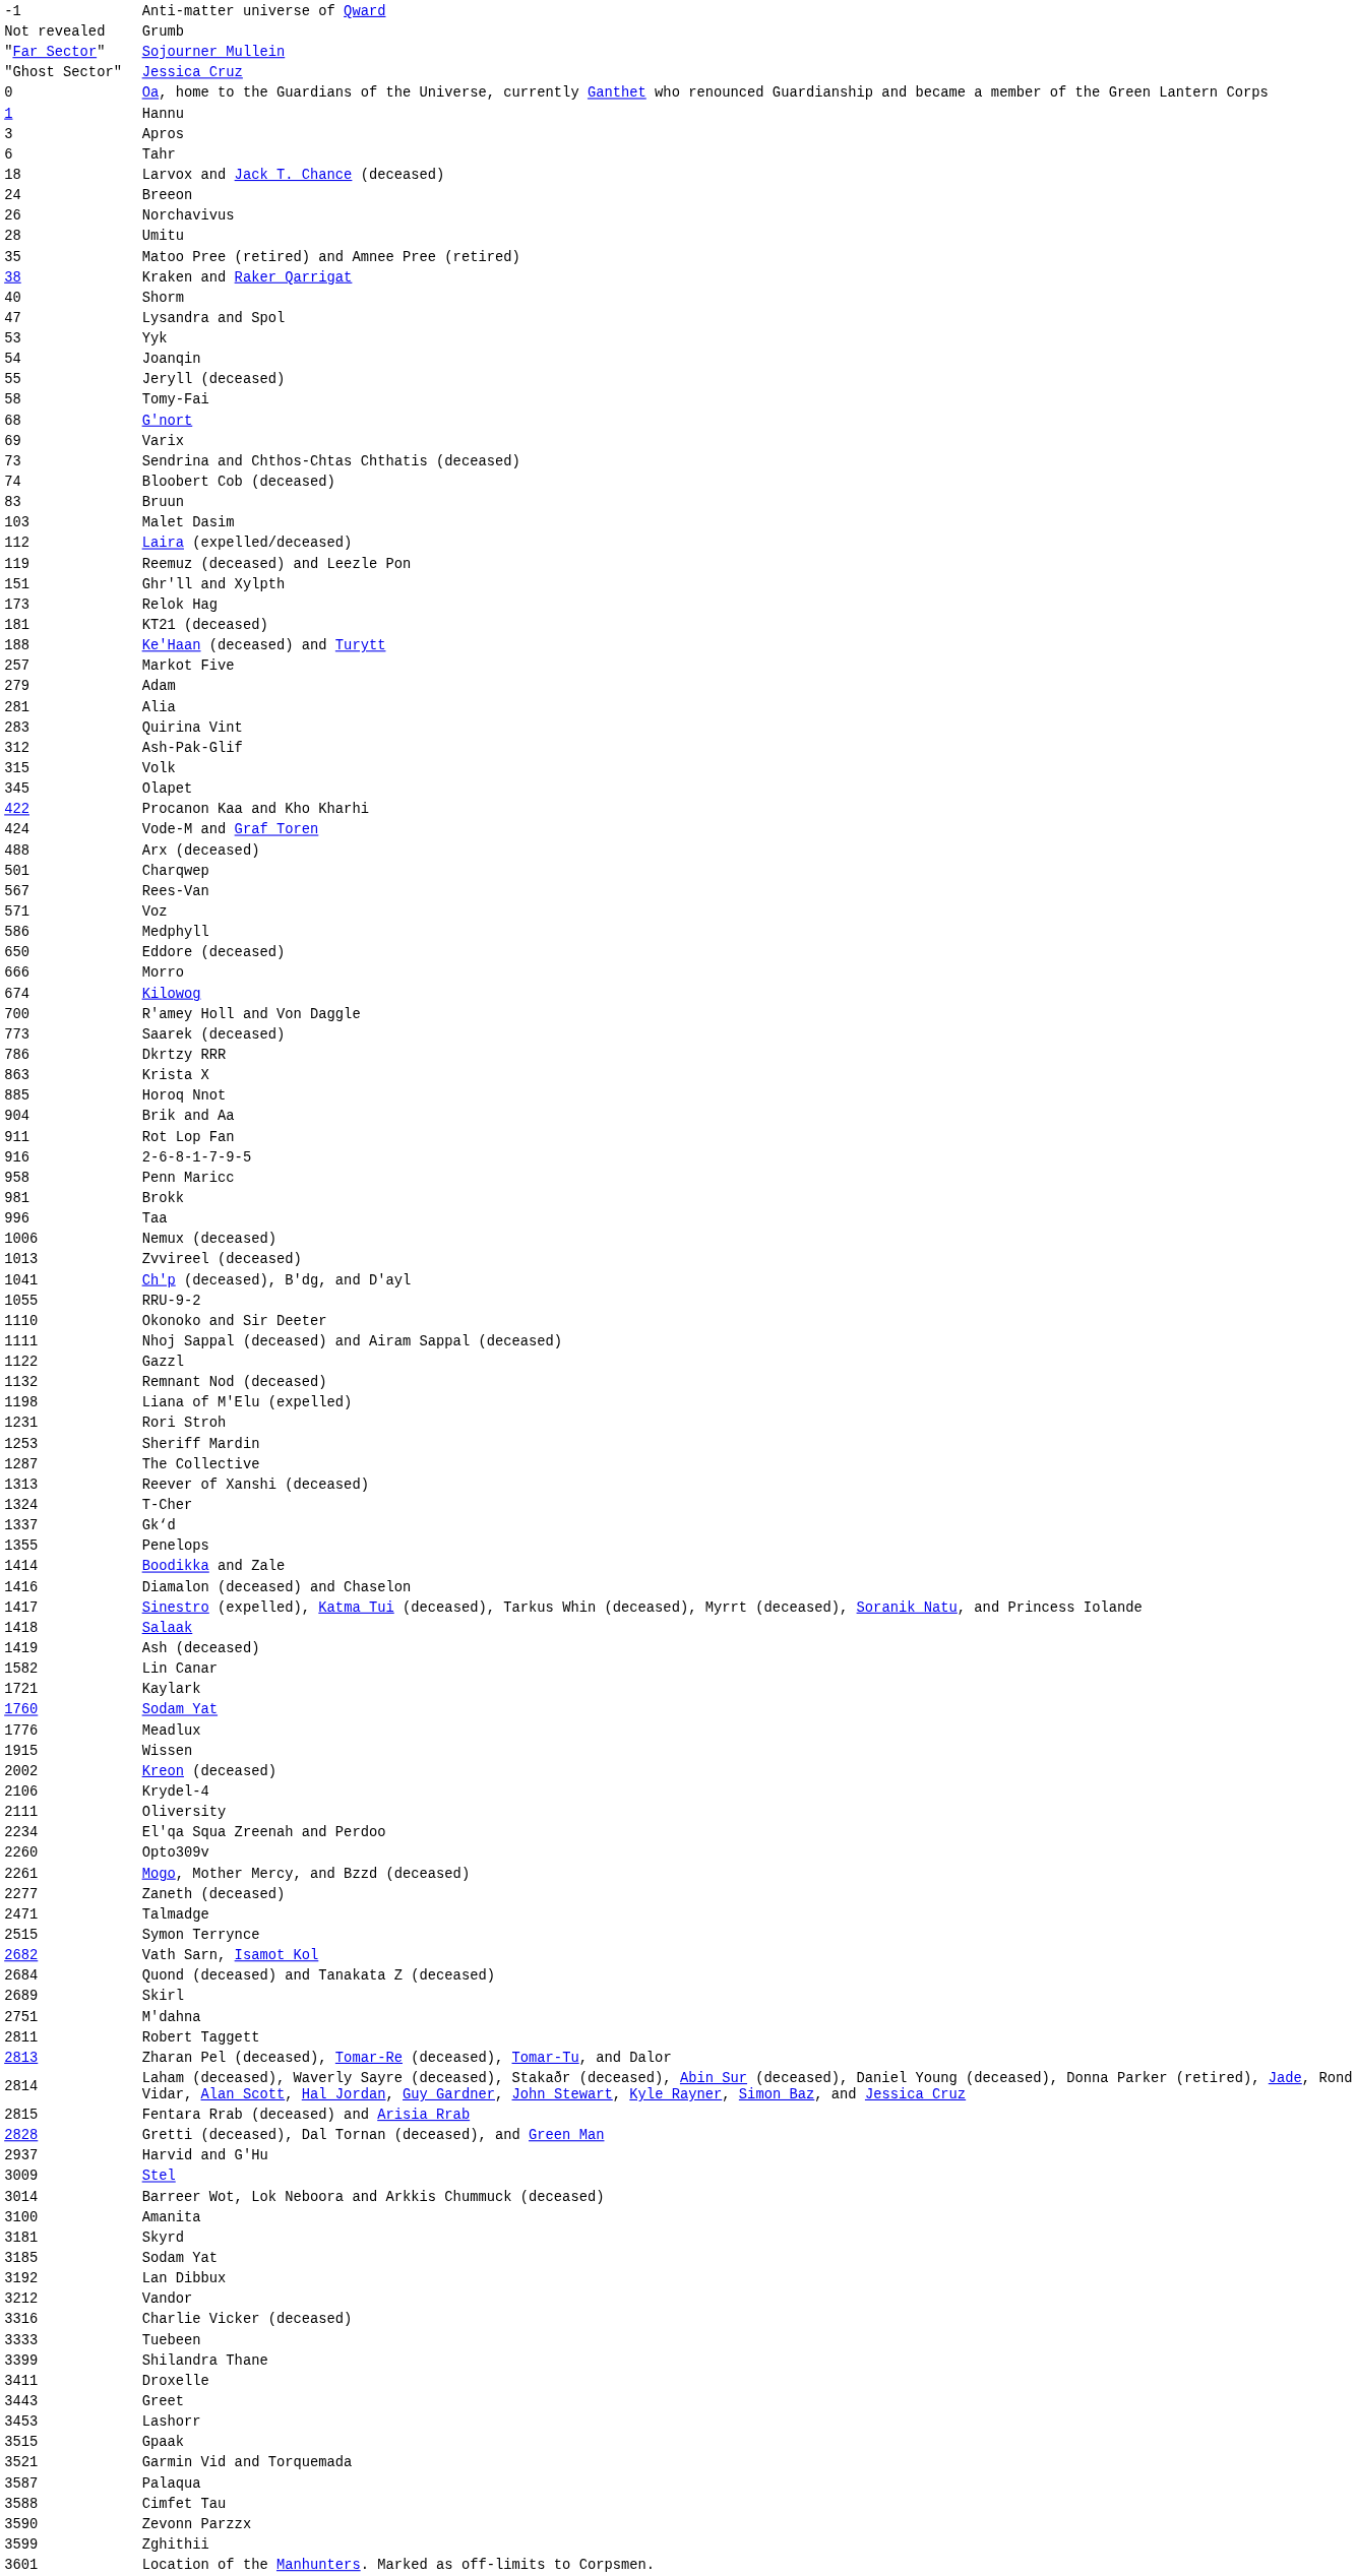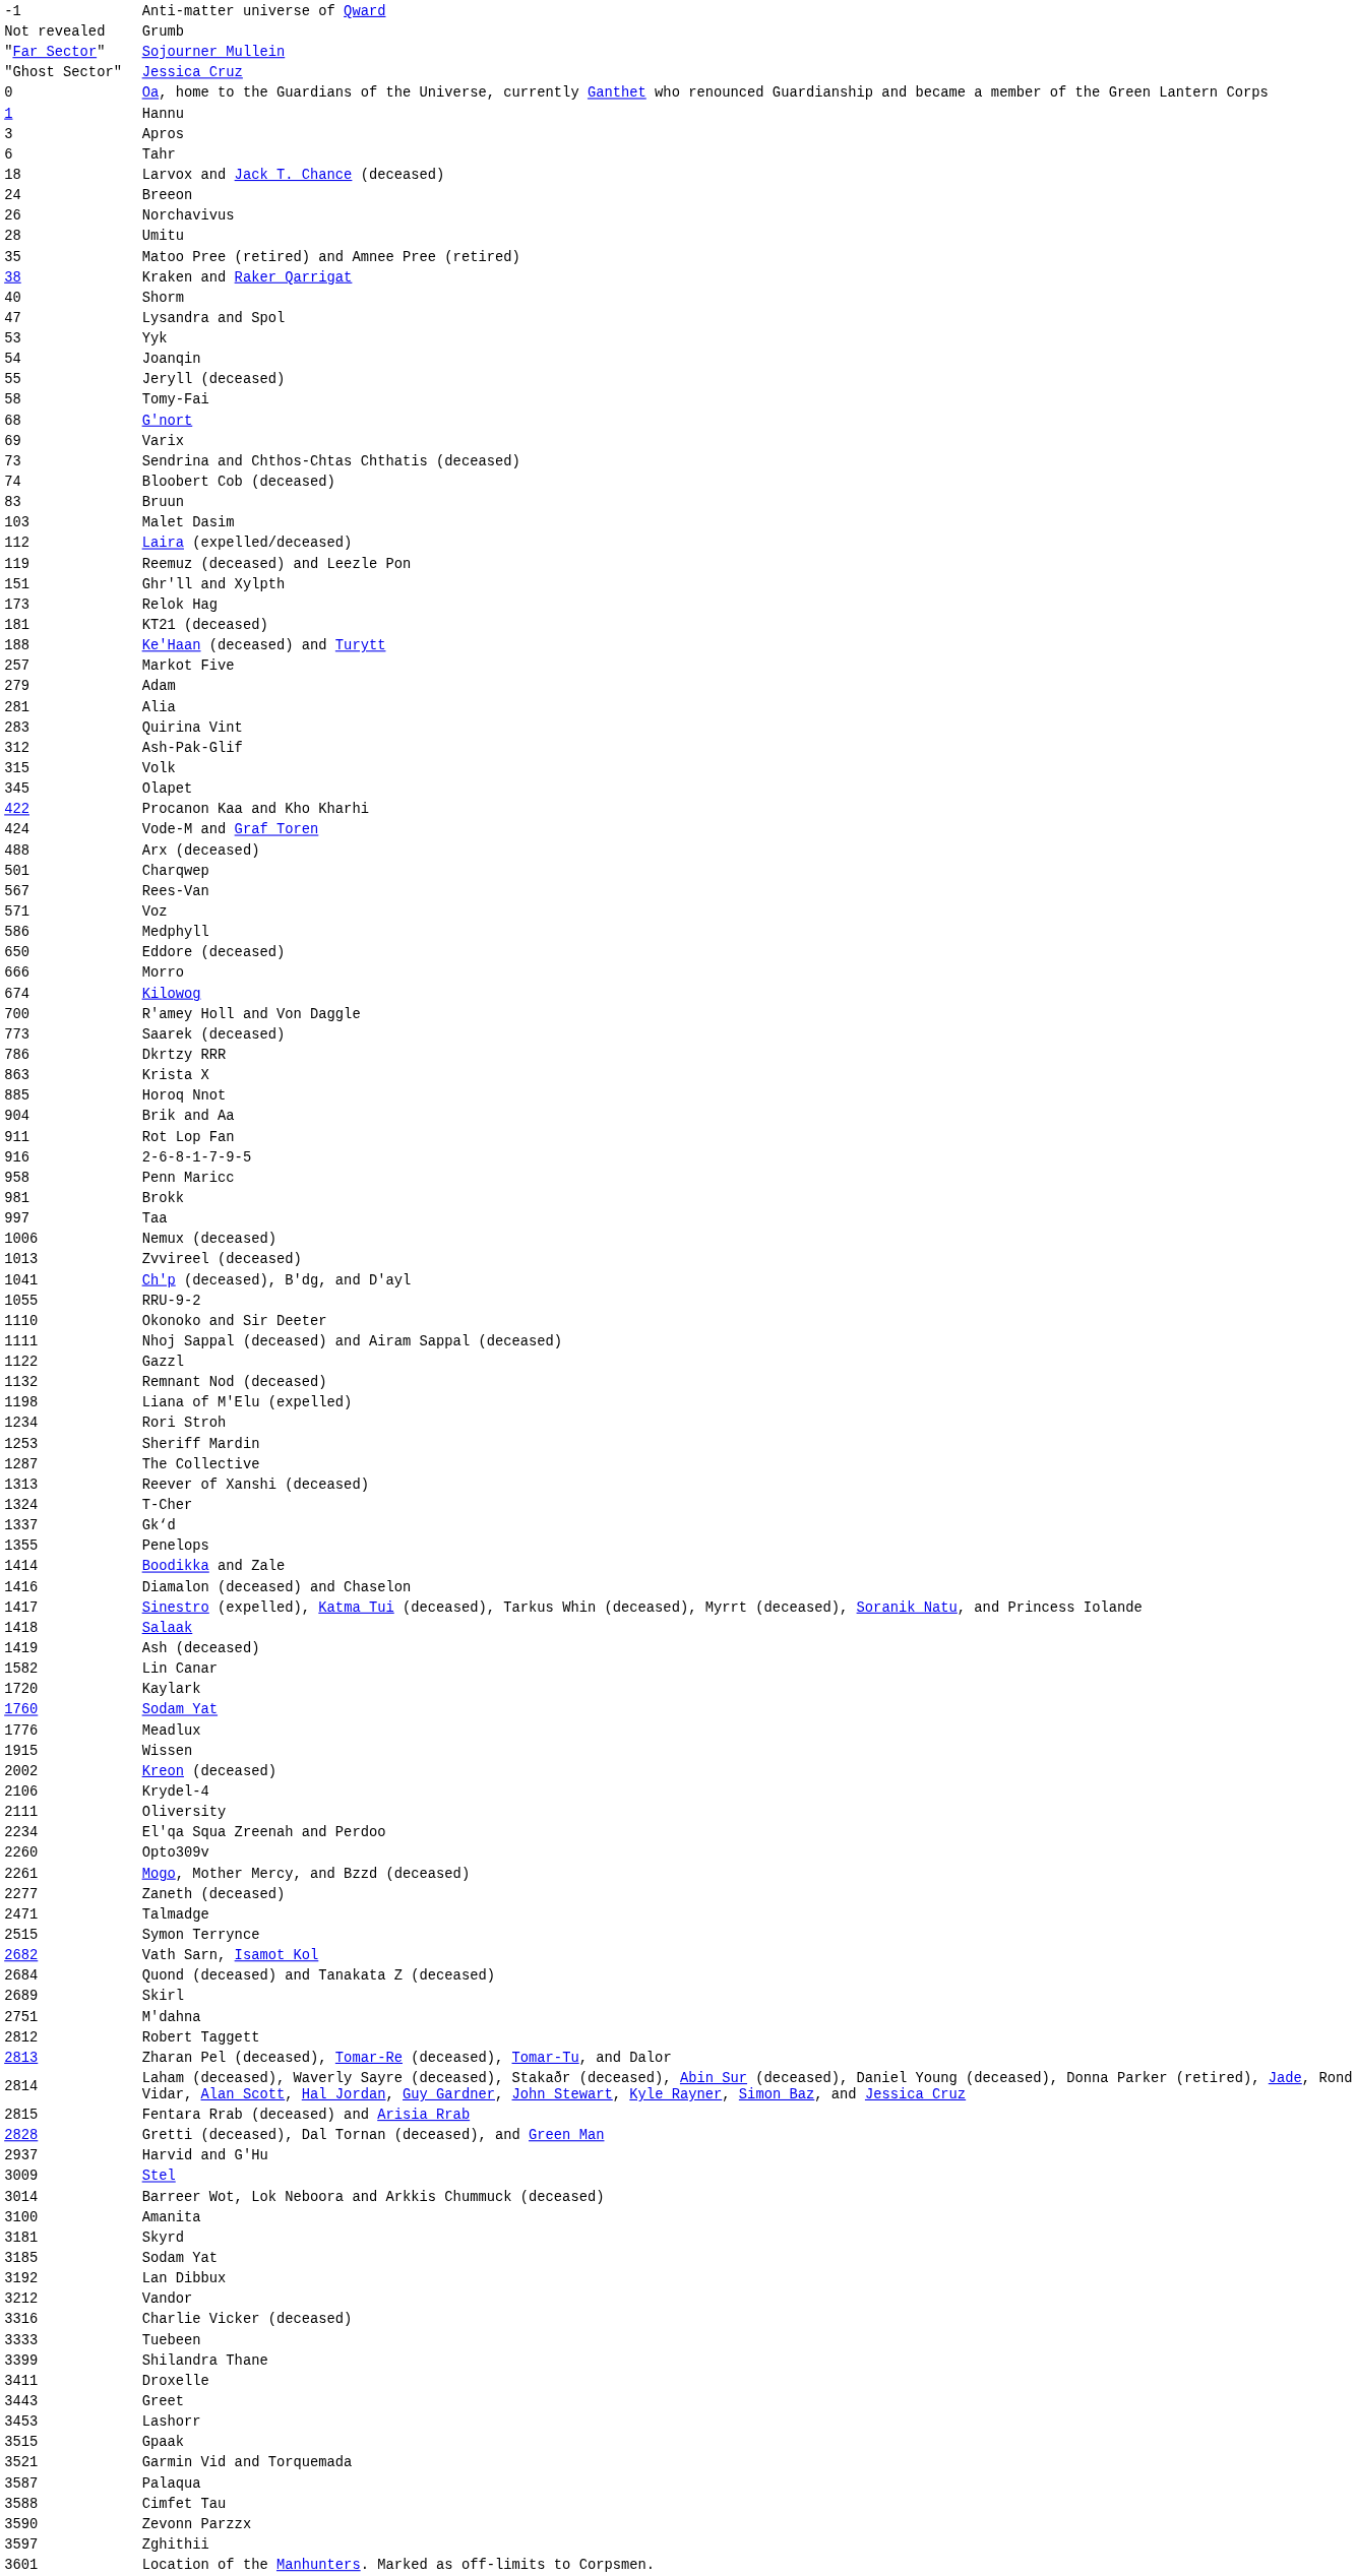 <table style="width:100%;">
 <tr>
 <td style="width:10%;">-1</td>
 <td>Anti-matter universe of <a href='#'>Qward</a></td>
 </tr>
 <tr>
 <td>Not revealed</td>
 <td>Grumb</td>
 </tr>
 <tr>
 <td>"<a href='#'>Far Sector</a>"</td>
 <td><a href='#'>Sojourner Mullein</a></td>
 </tr>
 <tr>
 <td>"Ghost Sector"</td>
 <td><a href='#'>Jessica Cruz</a></td>
 </tr>
 <tr>
 <td>0</td>
 <td><a href='#'>Oa</a>, home to the Guardians of the Universe, currently <a href='#'>Ganthet</a> who renounced Guardianship and became a member of the Green Lantern Corps</td>
 </tr>
 <tr>
 <td><a href='#'>1</a></td>
 <td>Hannu</td>
 </tr>
 <tr>
 <td>3</td>
 <td>Apros</td>
 </tr>
 <tr>
 <td>6</td>
 <td>Tahr</td>
 </tr>
 <tr>
 <td>18</td>
 <td>Larvox and <a href='#'>Jack T. Chance</a> (deceased)</td>
 </tr>
 <tr>
 <td>24</td>
 <td>Breeon</td>
 </tr>
 <tr>
 <td>26</td>
 <td>Norchavivus</td>
 </tr>
 <tr>
 <td>28</td>
 <td>Umitu</td>
 </tr>
 <tr>
 <td>35</td>
 <td>Matoo Pree (retired) and Amnee Pree (retired)</td>
 </tr>
 <tr>
 <td><a href='#'>38</a></td>
 <td>Kraken and <a href='#'>Raker Qarrigat</a></td>
 </tr>
 <tr>
 <td>40</td>
 <td>Shorm</td>
 </tr>
 <tr>
 <td>47</td>
 <td>Lysandra and Spol</td>
 </tr>
 <tr>
 <td>53</td>
 <td>Yyk</td>
 </tr>
 <tr>
 <td>54</td>
 <td>Joanqin</td>
 </tr>
 <tr>
 <td>55</td>
 <td>Jeryll (deceased)</td>
 </tr>
 <tr>
 <td>58</td>
 <td>Tomy-Fai</td>
 </tr>
 <tr>
 <td>68</td>
 <td><a href='#'>G'nort</a></td>
 </tr>
 <tr>
 <td>69</td>
 <td>Varix</td>
 </tr>
 <tr>
 <td>73</td>
 <td>Sendrina and Chthos-Chtas Chthatis (deceased)</td>
 </tr>
 <tr>
 <td>74</td>
 <td>Bloobert Cob (deceased)</td>
 </tr>
 <tr>
 <td>83</td>
 <td>Bruun</td>
 </tr>
 <tr>
 <td>103</td>
 <td>Malet Dasim</td>
 </tr>
 <tr>
 <td>112</td>
 <td><a href='#'>Laira</a> (expelled/deceased)</td>
 </tr>
 <tr>
 <td>119</td>
 <td>Reemuz (deceased) and Leezle Pon</td>
 </tr>
 <tr>
 <td>151</td>
 <td>Ghr'll and Xylpth</td>
 </tr>
 <tr>
 <td>173</td>
 <td>Relok Hag</td>
 </tr>
 <tr>
 <td>181</td>
 <td>KT21 (deceased)</td>
 </tr>
 <tr>
 <td>188</td>
 <td><a href='#'>Ke'Haan</a> (deceased) and <a href='#'>Turytt</a></td>
 </tr>
 <tr>
 <td>257</td>
 <td>Markot Five</td>
 </tr>
 <tr>
 <td>279</td>
 <td>Adam</td>
 </tr>
 <tr>
 <td>281</td>
 <td>Alia</td>
 </tr>
 <tr>
 <td>283</td>
 <td>Quirina Vint</td>
 </tr>
 <tr>
 <td>312</td>
 <td>Ash-Pak-Glif</td>
 </tr>
 <tr>
 <td>315</td>
 <td>Volk</td>
 </tr>
 <tr>
 <td>345</td>
 <td>Olapet</td>
 </tr>
 <tr>
 <td><a href='#'>422</a></td>
 <td>Procanon Kaa and Kho Kharhi</td>
 </tr>
 <tr>
 <td>424</td>
 <td>Vode-M and <a href='#'>Graf Toren</a></td>
 </tr>
 <tr>
 <td>488</td>
 <td>Arx (deceased)</td>
 </tr>
 <tr>
 <td>501</td>
 <td>Charqwep</td>
 </tr>
 <tr>
 <td>567</td>
 <td>Rees-Van</td>
 </tr>
 <tr>
 <td>571</td>
 <td>Voz</td>
 </tr>
 <tr>
 <td>586</td>
 <td>Medphyll</td>
 </tr>
 <tr>
 <td>650</td>
 <td>Eddore (deceased)</td>
 </tr>
 <tr>
 <td>666</td>
 <td>Morro</td>
 </tr>
 <tr>
 <td>674</td>
 <td><a href='#'>Kilowog</a></td>
 </tr>
 <tr>
 <td>700</td>
 <td>R'amey Holl and Von Daggle</td>
 </tr>
 <tr>
 <td>773</td>
 <td>Saarek (deceased)</td>
 </tr>
 <tr>
 <td>786</td>
 <td>Dkrtzy RRR</td>
 </tr>
 <tr>
 <td>863</td>
 <td>Krista X</td>
 </tr>
 <tr>
 <td>885</td>
 <td>Horoq Nnot</td>
 </tr>
 <tr>
 <td>904</td>
 <td>Brik and Aa</td>
 </tr>
 <tr>
 <td>911</td>
 <td>Rot Lop Fan</td>
 </tr>
 <tr>
 <td>916</td>
 <td>2-6-8-1-7-9-5</td>
 </tr>
 <tr>
 <td>958</td>
 <td>Penn Maricc</td>
 </tr>
 <tr>
 <td>981</td>
 <td>Brokk</td>
 </tr>
 <tr>
-<td>996</td>
+<td>997</td>
 <td>Taa</td>
 </tr>
 <tr>
 <td>1006</td>
 <td>Nemux (deceased) </td>
 </tr>
 <tr>
 <td>1013</td>
 <td>Zvvireel (deceased)</td>
 </tr>
 <tr>
 <td>1041</td>
 <td><a href='#'>Ch'p</a> (deceased), B'dg, and D'ayl</td>
 </tr>
 <tr>
 <td>1055</td>
 <td>RRU-9-2</td>
 </tr>
 <tr>
 <td>1110</td>
 <td>Okonoko and Sir Deeter</td>
 </tr>
 <tr>
 <td>1111</td>
 <td>Nhoj Sappal (deceased) and Airam Sappal (deceased)</td>
 </tr>
 <tr>
 <td>1122</td>
 <td>Gazzl</td>
 </tr>
 <tr>
 <td>1132</td>
 <td>Remnant Nod (deceased)</td>
 </tr>
 <tr>
 <td>1198</td>
 <td>Liana of M'Elu (expelled)</td>
 </tr>
 <tr>
-<td>1231</td>
+<td>1234</td>
 <td>Rori Stroh</td>
 </tr>
 <tr>
 <td>1253</td>
 <td>Sheriff Mardin</td>
 </tr>
 <tr>
 <td>1287</td>
 <td>The Collective</td>
 </tr>
 <tr>
 <td>1313</td>
 <td>Reever of Xanshi (deceased)</td>
 </tr>
 <tr>
 <td>1324</td>
 <td>T-Cher</td>
 </tr>
 <tr>
 <td>1337</td>
 <td>Gk‘d</td>
 </tr>
 <tr>
 <td>1355</td>
 <td>Penelops</td>
 </tr>
 <tr>
 <td>1414</td>
 <td><a href='#'>Boodikka</a> and Zale</td>
 </tr>
 <tr>
 <td>1416</td>
 <td>Diamalon (deceased) and Chaselon</td>
 </tr>
 <tr>
 <td>1417</td>
 <td><a href='#'>Sinestro</a> (expelled), <a href='#'>Katma Tui</a> (deceased), Tarkus Whin (deceased), Myrrt (deceased), <a href='#'>Soranik Natu</a>, and Princess Iolande</td>
 </tr>
 <tr>
 <td>1418</td>
 <td><a href='#'>Salaak</a></td>
 </tr>
 <tr>
 <td>1419</td>
 <td>Ash (deceased)</td>
 </tr>
 <tr>
 <td>1582</td>
 <td>Lin Canar</td>
 </tr>
 <tr>
-<td>1721</td>
+<td>1720</td>
 <td>Kaylark</td>
 </tr>
 <tr>
 <td><a href='#'>1760</a></td>
 <td><a href='#'>Sodam Yat</a></td>
 </tr>
 <tr>
 <td>1776</td>
 <td>Meadlux</td>
 </tr>
 <tr>
 <td>1915</td>
 <td>Wissen</td>
 </tr>
 <tr>
 <td>2002</td>
 <td><a href='#'>Kreon</a> (deceased)</td>
 </tr>
 <tr>
 <td>2106</td>
 <td>Krydel-4</td>
 </tr>
 <tr>
 <td>2111</td>
 <td>Oliversity</td>
 </tr>
 <tr>
 <td>2234</td>
 <td>El'qa Squa Zreenah and Perdoo</td>
 </tr>
 <tr>
 <td>2260</td>
 <td>Opto309v</td>
 </tr>
 <tr>
 <td>2261</td>
 <td><a href='#'>Mogo</a>, Mother Mercy, and Bzzd (deceased)</td>
 </tr>
 <tr>
 <td>2277</td>
 <td>Zaneth (deceased)</td>
 </tr>
 <tr>
 <td>2471</td>
 <td>Talmadge</td>
 </tr>
 <tr>
 <td>2515</td>
 <td>Symon Terrynce</td>
 </tr>
 <tr>
 <td><a href='#'>2682</a></td>
 <td>Vath Sarn, <a href='#'>Isamot Kol</a></td>
 </tr>
 <tr>
 <td>2684</td>
 <td>Quond (deceased) and Tanakata Z (deceased)</td>
 </tr>
 <tr>
 <td>2689</td>
 <td>Skirl</td>
 </tr>
 <tr>
 <td>2751</td>
 <td>M'dahna</td>
 </tr>
 <tr>
-<td>2811</td>
+<td>2812</td>
 <td>Robert Taggett</td>
 </tr>
 <tr>
 <td><a href='#'>2813</a></td>
 <td>Zharan Pel (deceased), <a href='#'>Tomar-Re</a> (deceased), <a href='#'>Tomar-Tu</a>, and Dalor</td>
 </tr>
 <tr>
 <td>2814</td>
 <td>Laham (deceased), Waverly Sayre (deceased), Stakaðr (deceased), <a href='#'>Abin Sur</a> (deceased), Daniel Young (deceased), Donna Parker (retired), <a href='#'>Jade</a>, Rond Vidar, <a href='#'>Alan Scott</a>, <a href='#'>Hal Jordan</a>, <a href='#'>Guy Gardner</a>, <a href='#'>John Stewart</a>, <a href='#'>Kyle Rayner</a>, <a href='#'>Simon Baz</a>, and <a href='#'>Jessica Cruz</a></td>
 </tr>
 <tr>
 <td>2815</td>
 <td>Fentara Rrab (deceased) and <a href='#'>Arisia Rrab</a></td>
 </tr>
 <tr>
 <td><a href='#'>2828</a></td>
 <td>Gretti (deceased), Dal Tornan (deceased), and <a href='#'>Green Man</a></td>
 </tr>
 <tr>
 <td>2937</td>
 <td>Harvid and G'Hu</td>
 </tr>
 <tr>
 <td>3009</td>
 <td><a href='#'>Stel</a></td>
 </tr>
 <tr>
 <td>3014</td>
 <td>Barreer Wot, Lok Neboora and Arkkis Chummuck (deceased)</td>
 </tr>
 <tr>
 <td>3100</td>
 <td>Amanita</td>
 </tr>
 <tr>
 <td>3181</td>
 <td>Skyrd</td>
 </tr>
 <tr>
 <td>3185</td>
 <td>Sodam Yat</td>
 </tr>
 <tr>
 <td>3192</td>
 <td>Lan Dibbux</td>
 </tr>
 <tr>
 <td>3212</td>
 <td>Vandor</td>
 </tr>
 <tr>
 <td>3316</td>
 <td>Charlie Vicker (deceased)</td>
 </tr>
 <tr>
 <td>3333</td>
 <td>Tuebeen</td>
 </tr>
 <tr>
 <td>3399</td>
 <td>Shilandra Thane</td>
 </tr>
 <tr>
 <td>3411</td>
 <td>Droxelle</td>
 </tr>
 <tr>
 <td>3443</td>
 <td>Greet</td>
 </tr>
 <tr>
 <td>3453</td>
 <td>Lashorr</td>
 </tr>
 <tr>
 <td>3515</td>
 <td>Gpaak</td>
 </tr>
 <tr>
 <td>3521</td>
 <td>Garmin Vid and Torquemada</td>
 </tr>
 <tr>
 <td>3587</td>
 <td>Palaqua</td>
 </tr>
 <tr>
 <td>3588</td>
 <td>Cimfet Tau</td>
 </tr>
 <tr>
 <td>3590</td>
 <td>Zevonn Parzzx</td>
 </tr>
 <tr>
-<td>3599</td>
+<td>3597</td>
 <td>Zghithii</td>
 </tr>
 <tr>
 <td>3601</td>
 <td>Location of the <a href='#'>Manhunters</a>. Marked as off-limits to Corpsmen.</td>
 </tr>
 </table>
